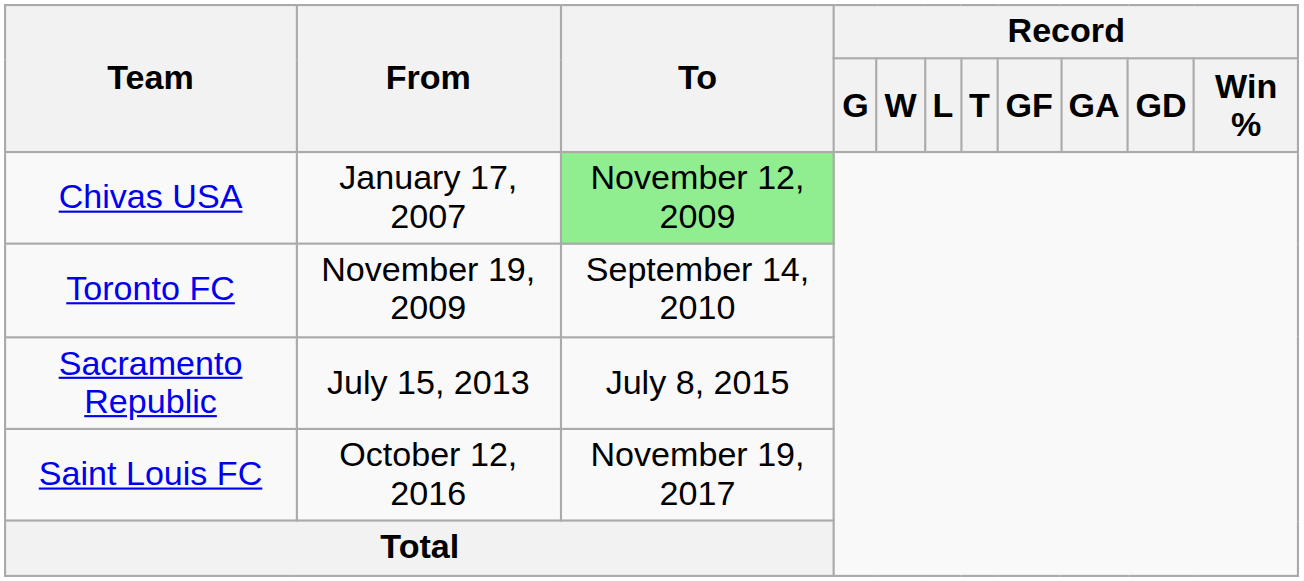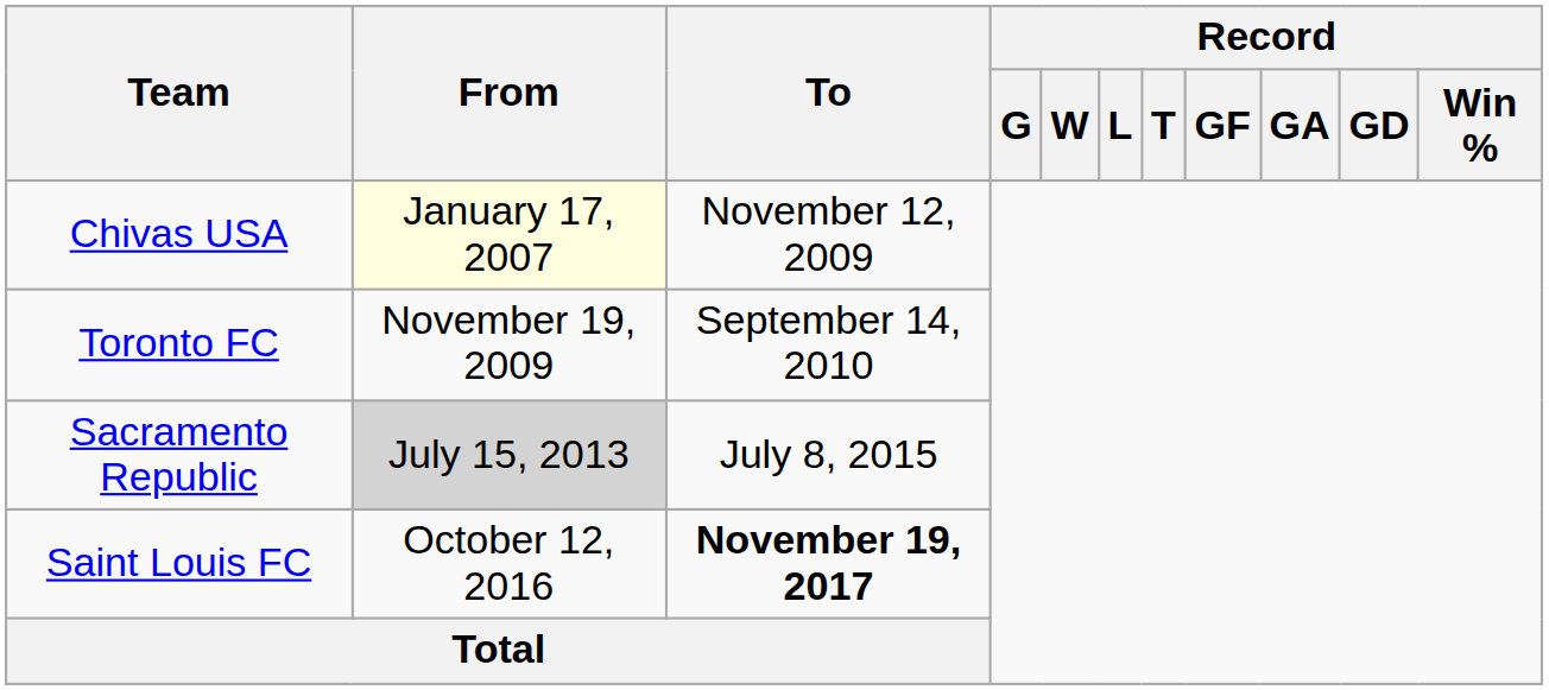 <table class="wikitable" style="text-align: center">
 <tr>
 <th rowspan="2">Team</th>
 <th rowspan="2">From</th>
 <th rowspan="2">To</th>
 <th colspan="8">Record</th>
 </tr>
 <tr>
 <th>G</th>
 <th>W</th>
 <th>L</th>
 <th>T</th>
 <th>GF</th>
 <th>GA</th>
 <th>GD</th>
 <th>Win %</th>
 </tr>
 <tr>
 <td><a href='#'>Chivas USA</a></td>
-<td>January 17, 2007</td>
-<td style="background: lightgreen;">November 12, 2009<br></td>
+<td style="background: lightyellow;">January 17, 2007</td>
+<td>November 12, 2009<br></td>
 </tr>
 <tr>
 <td><a href='#'>Toronto FC</a></td>
 <td>November 19, 2009</td>
 <td>September 14, 2010<br></td>
 </tr>
 <tr>
 <td><a href='#'>Sacramento Republic</a></td>
-<td>July 15, 2013</td>
+<td style="background: lightgrey;">July 15, 2013</td>
 <td>July 8, 2015<br></td>
 </tr>
 <tr>
 <td><a href='#'>Saint Louis FC</a></td>
 <td>October 12, 2016</td>
-<td>November 19, 2017<br></td>
+<td><strong>November 19, 2017<br></strong></td>
 </tr>
 <tr>
 <th colspan="3">Total<br></th>
 </tr>
 </table>
